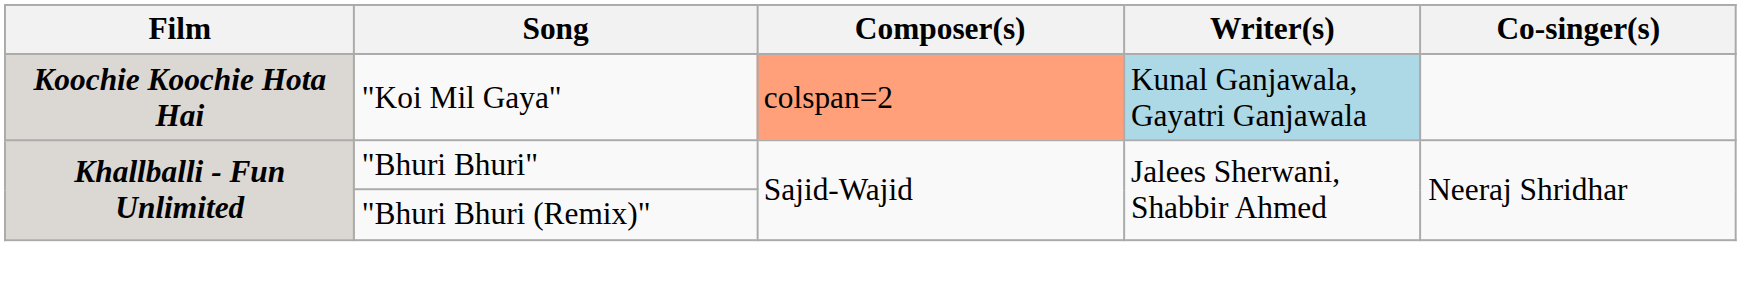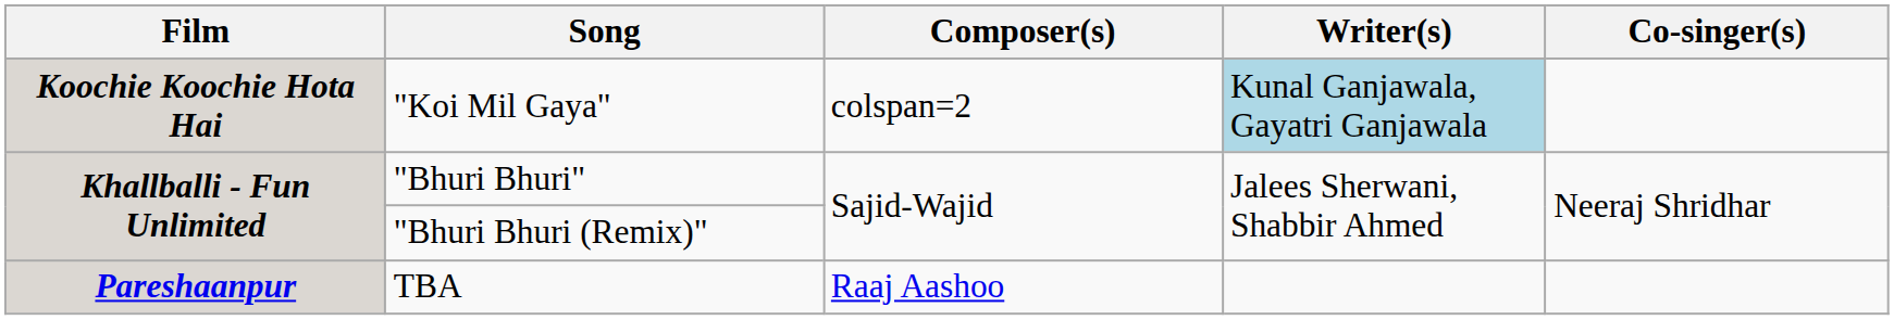 <table class="wikitable plainrowheaders" width="100%">
 <tr>
 <th width=20%>Film</th>
 <th width=23%>Song</th>
 <th width=21%>Composer(s)</th>
 <th width=17%>Writer(s)</th>
 <th width=18%>Co-singer(s)</th>
 </tr>
 <tr>
 <th scope="row" style="background:#dbd7d2;"><em>Koochie Koochie Hota Hai</em> </th>
 <td>"Koi Mil Gaya"</td>
-<td style="background: lightsalmon;">colspan=2</td>
+<td>colspan=2</td>
 <td style="background: lightblue;">Kunal Ganjawala, Gayatri Ganjawala</td>
 </tr>
 <tr>
 <th scope="row" style="background:#dbd7d2;" rowspan=2><em>Khallballi - Fun Unlimited</em> </th>
 <td>"Bhuri Bhuri"</td>
 <td rowspan=2>Sajid-Wajid</td>
 <td rowspan=2>Jalees Sherwani, Shabbir Ahmed</td>
 <td rowspan=2>Neeraj Shridhar</td>
 </tr>
 <tr>
 <td>"Bhuri Bhuri (Remix)"</td>
 </tr>
+<tr>
+<th scope="row" style="background:#dbd7d2;"><em><a href='#'>Pareshaanpur</a></em></th>
+<td>TBA</td>
+<td><a href='#'>Raaj Aashoo</a></td>
+<td></td>
+<td></td>
+</tr>
 </table>
